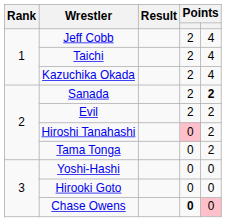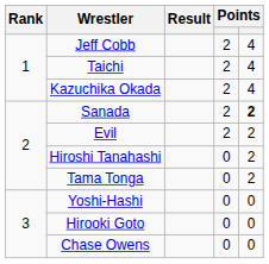 <table class="wikitable mw-collapsible mw-collapsed" plainrowheaders sortable" style="text-align: center">
 <tr>
 <th scope="col" rowspan="2">Rank</th>
 <th scope="col" rowspan="2">Wrestler</th>
 <th scope="col" rowspan="2">Result</th>
 <th scope="col" colspan="2">Points</th>
 </tr>
 <tr>
 <th></th>
 <th></th>
 </tr>
 <tr>
 <td rowspan="3">1</td>
 <td><a href='#'>Jeff Cobb</a></td>
 <td></td>
 <td>2</td>
 <td>4</td>
 </tr>
 <tr>
 <td><a href='#'>Taichi</a></td>
 <td></td>
 <td>2</td>
 <td>4</td>
 </tr>
 <tr>
 <td><a href='#'>Kazuchika Okada</a></td>
 <td></td>
 <td>2</td>
 <td>4</td>
 </tr>
 <tr>
 <td rowspan="4">2</td>
 <td><a href='#'>Sanada</a></td>
 <td></td>
 <td>2</td>
 <td><strong>2</strong></td>
 </tr>
 <tr>
 <td><a href='#'>Evil</a></td>
 <td></td>
 <td>2</td>
 <td>2</td>
 </tr>
 <tr>
 <td><a href='#'>Hiroshi Tanahashi</a></td>
 <td></td>
-<td style="background: pink;">0</td>
+<td>0</td>
 <td>2</td>
 </tr>
 <tr>
 <td><a href='#'>Tama Tonga</a></td>
 <td></td>
 <td>0</td>
 <td>2</td>
 </tr>
 <tr>
 <td rowspan="3">3</td>
 <td><a href='#'>Yoshi-Hashi</a></td>
 <td></td>
 <td>0</td>
 <td>0</td>
 </tr>
 <tr>
 <td><a href='#'>Hirooki Goto</a></td>
 <td></td>
 <td>0</td>
 <td>0</td>
 </tr>
 <tr>
 <td><a href='#'>Chase Owens</a></td>
 <td></td>
-<td><strong>0</strong></td>
-<td style="background: pink;">0</td>
+<td>0</td>
+<td>0</td>
 </tr>
 </table>
